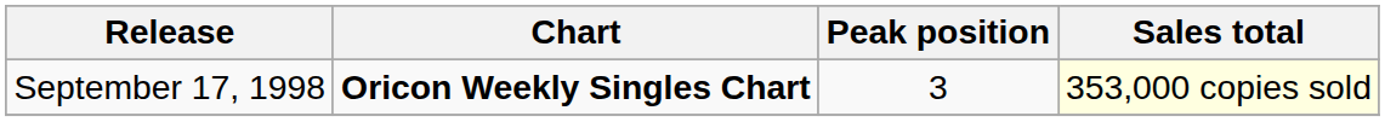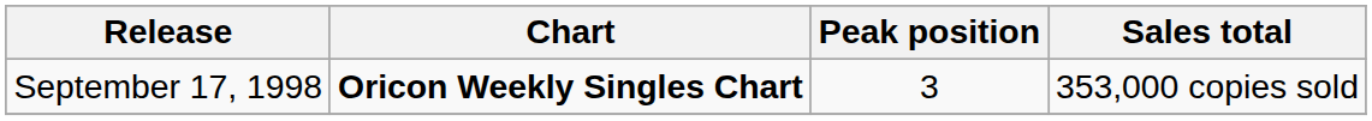 <table class="wikitable">
 <tr>
 <th>Release</th>
 <th>Chart</th>
 <th>Peak position</th>
 <th>Sales total</th>
 </tr>
 <tr>
 <td>September 17, 1998</td>
 <td><strong>Oricon Weekly Singles Chart</strong></td>
 <td align="center">3</td>
-<td style="background: lightyellow;">353,000 copies sold</td>
+<td>353,000 copies sold</td>
 </tr>
 <tr>
 </tr>
 </table>
